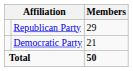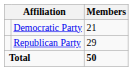 <table class="wikitable">
 <tr>
 <th colspan="2">Affiliation</th>
 <th>Members</th>
 </tr>
 <tr>
 <td style="background-color:"> </td>
-<td><a href='#'>Republican Party</a></td>
-<td>29</td>
+<td><a href='#'>Democratic Party</a></td>
+<td>21</td>
 </tr>
 <tr>
 <td style="background-color:"> </td>
-<td><a href='#'>Democratic Party</a></td>
-<td>21</td>
+<td><a href='#'>Republican Party</a></td>
+<td>29</td>
 </tr>
 <tr>
 <td colspan="2" rowspan="1"> <strong>Total</strong><br></td>
 <td><strong>50</strong></td>
 </tr>
 </table>
